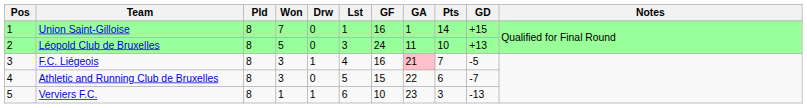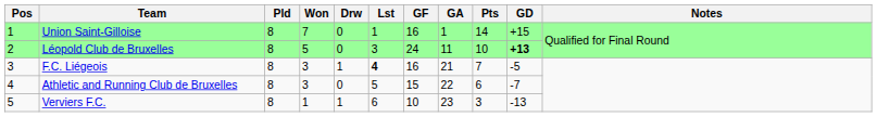 <table class="wikitable" width=70% style="font-size:90%">
 <tr>
 <th width=4%><strong>Pos</strong></th>
 <th width=26%><strong>Team</strong></th>
 <th width=4%><strong>Pld</strong></th>
 <th width=4%><strong>Won</strong></th>
 <th width=4%><strong>Drw</strong></th>
 <th width=4%><strong>Lst</strong></th>
 <th width=4%><strong>GF</strong></th>
 <th width=4%><strong>GA</strong></th>
 <th width=4%><strong>Pts</strong></th>
 <th width=4%><strong>GD</strong></th>
 <th width=38%><strong>Notes</strong></th>
 </tr>
 <tr bgcolor=#99ff99>
 <td>1</td>
 <td><a href='#'>Union Saint-Gilloise</a></td>
 <td>8</td>
 <td>7</td>
 <td>0</td>
 <td>1</td>
 <td>16</td>
 <td>1</td>
 <td>14</td>
 <td>+15</td>
 <td rowspan=2>Qualified for Final Round</td>
 </tr>
 <tr bgcolor=#99ff99>
 <td>2</td>
 <td><a href='#'>Léopold Club de Bruxelles</a></td>
 <td>8</td>
 <td>5</td>
 <td>0</td>
 <td>3</td>
 <td>24</td>
 <td>11</td>
 <td>10</td>
-<td>+13</td>
+<td><strong>+13</strong></td>
 </tr>
 <tr>
 <td>3</td>
 <td><a href='#'>F.C. Liégeois</a></td>
 <td>8</td>
 <td>3</td>
 <td>1</td>
-<td>4</td>
+<td><strong>4</strong></td>
 <td>16</td>
-<td style="background: pink;">21</td>
+<td>21</td>
 <td>7</td>
 <td>-5</td>
 </tr>
 <tr>
 <td>4</td>
 <td><a href='#'>Athletic and Running Club de Bruxelles</a></td>
 <td>8</td>
 <td>3</td>
 <td>0</td>
 <td>5</td>
 <td>15</td>
 <td>22</td>
 <td>6</td>
 <td>-7</td>
 </tr>
 <tr>
 <td>5</td>
 <td><a href='#'>Verviers F.C.</a></td>
 <td>8</td>
 <td>1</td>
 <td>1</td>
 <td>6</td>
 <td>10</td>
 <td>23</td>
 <td>3</td>
 <td>-13</td>
 </tr>
 </table>
